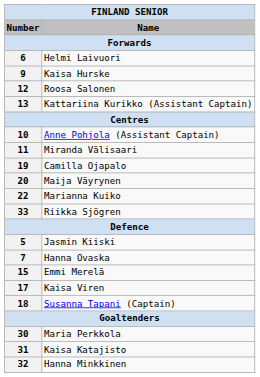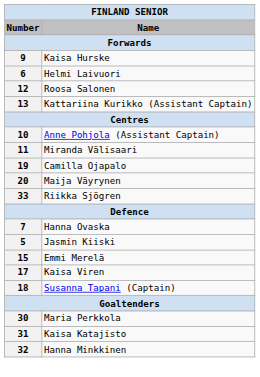 <table class="wikitable" style="text-align:left; font-size:90%;">
 <tr>
 <th style=background:#CEE0F2 colspan=2>FINLAND SENIOR</th>
 </tr>
 <tr>
 <th style="background:silver;">Number</th>
 <th style="background:silver;">Name</th>
 </tr>
 <tr>
 <th style=background:#CEE0F2 colspan=2>Forwards</th>
 </tr>
 <tr>
+<th>9</th>
+<td>Kaisa Hurske</td>
+</tr>
+<tr>
 <th>6</th>
 <td>Helmi Laivuori</td>
-</tr>
-<tr>
-<th>9</th>
-<td>Kaisa Hurske</td>
 </tr>
 <tr>
 <th>12</th>
 <td>Roosa Salonen</td>
 </tr>
 <tr>
 <th>13</th>
 <td>Kattariina Kurikko (Assistant Captain)</td>
 </tr>
 <tr>
 <th style=background:#CEE0F2 colspan=2>Centres</th>
 </tr>
 <tr>
 <th>10</th>
 <td><a href='#'>Anne Pohjola</a> (Assistant Captain)</td>
 </tr>
 <tr>
 <th>11</th>
 <td>Miranda Välisaari</td>
 </tr>
 <tr>
 <th>19</th>
 <td>Camilla Ojapalo</td>
 </tr>
 <tr>
 <th>20</th>
 <td>Maija Väyrynen</td>
 </tr>
 <tr>
-<th>22</th>
-<td>Marianna Kuiko</td>
-</tr>
-<tr>
 <th>33</th>
 <td>Riikka Sjögren</td>
 </tr>
 <tr>
 <th style=background:#CEE0F2 colspan=2>Defence</th>
 </tr>
 <tr>
+<th>7</th>
+<td>Hanna Ovaska</td>
+</tr>
+<tr>
 <th>5</th>
 <td>Jasmin Kiiski</td>
-</tr>
-<tr>
-<th>7</th>
-<td>Hanna Ovaska</td>
 </tr>
 <tr>
 <th>15</th>
 <td>Emmi Merelä</td>
 </tr>
 <tr>
 <th>17</th>
 <td>Kaisa Viren</td>
 </tr>
 <tr>
 <th>18</th>
 <td><a href='#'>Susanna Tapani</a> (Captain)</td>
 </tr>
 <tr>
 <th style=background:#CEE0F2 colspan=2>Goaltenders</th>
 </tr>
 <tr>
 <th>30</th>
 <td>Maria Perkkola</td>
 </tr>
 <tr>
 <th>31</th>
 <td>Kaisa Katajisto</td>
 </tr>
 <tr>
 <th>32</th>
 <td>Hanna Minkkinen</td>
 </tr>
 </table>
